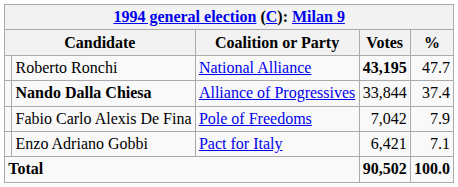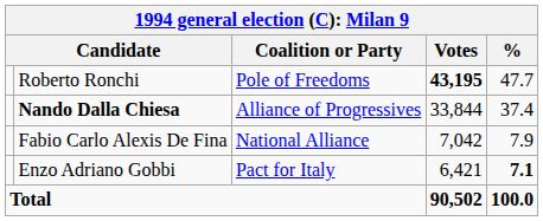 <table class=wikitable style=text-align:right>
 <tr>
 <th colspan=5><a href='#'>1994 general election</a> (<a href='#'>C</a>): <a href='#'>Milan 9</a></th>
 </tr>
 <tr>
 <th colspan=2>Candidate</th>
 <th>Coalition or Party</th>
 <th>Votes</th>
 <th>%</th>
 </tr>
 <tr>
 <td></td>
 <td align=left>Roberto Ronchi</td>
-<td align=left><a href='#'>National Alliance</a></td>
+<td align=left><a href='#'>Pole of Freedoms</a></td>
 <td><strong>43,195</strong></td>
 <td>47.7</td>
 </tr>
 <tr>
 <td></td>
 <td align=left><strong>Nando Dalla Chiesa</strong></td>
 <td align=left><a href='#'>Alliance of Progressives</a></td>
 <td>33,844</td>
 <td>37.4</td>
 </tr>
 <tr>
 <td></td>
 <td align=left>Fabio Carlo Alexis De Fina</td>
-<td align=left><a href='#'>Pole of Freedoms</a></td>
+<td align=left><a href='#'>National Alliance</a></td>
 <td>7,042</td>
 <td>7.9</td>
 </tr>
 <tr>
 <td></td>
 <td align=left>Enzo Adriano Gobbi</td>
 <td align=left><a href='#'>Pact for Italy</a></td>
 <td>6,421</td>
-<td>7.1</td>
+<td><strong>7.1</strong></td>
 </tr>
 <tr>
 <td align=left colspan=3><strong>Total</strong></td>
 <td><strong>90,502</strong></td>
 <td><strong>100.0</strong></td>
 </tr>
 </table>
